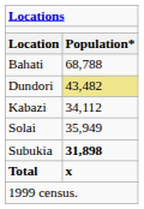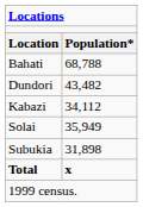 <table class="wikitable">
 <tr>
 <td colspan="2"><strong><a href='#'>Locations</a></strong></td>
 </tr>
 <tr>
 <td colspan="2"></td>
 </tr>
 <tr>
 <th>Location</th>
 <th>Population*</th>
 </tr>
 <tr>
 <td>Bahati</td>
 <td>68,788</td>
 </tr>
 <tr>
 <td>Dundori</td>
-<td style="background: khaki;">43,482</td>
+<td>43,482</td>
 </tr>
 <tr>
 <td>Kabazi</td>
 <td>34,112</td>
 </tr>
 <tr>
 <td>Solai</td>
 <td>35,949</td>
 </tr>
 <tr>
 <td>Subukia</td>
-<td><strong>31,898</strong></td>
+<td>31,898</td>
 </tr>
 <tr>
 <td><strong>Total</strong></td>
 <td><strong>x</strong></td>
 </tr>
 <tr>
 <td colspan="2">1999 census.</td>
 </tr>
 </table>
